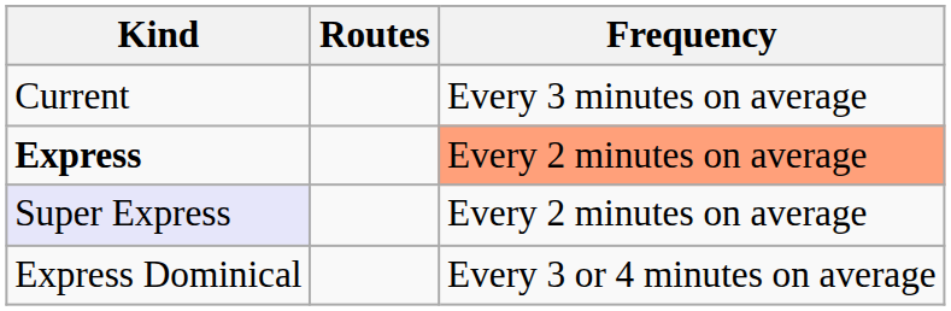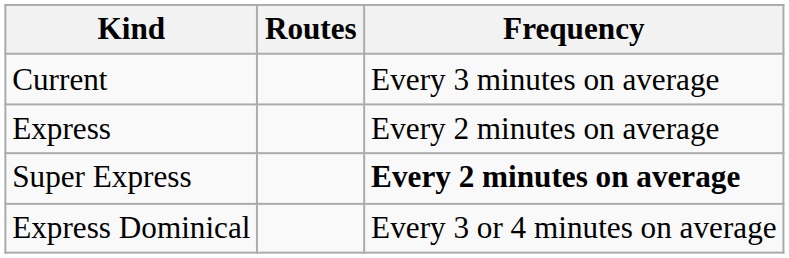 <table class="wikitable" style="margin-left: auto; margin-right: auto; border: none;">
 <tr>
 <th>Kind</th>
 <th>Routes</th>
 <th>Frequency</th>
 </tr>
 <tr>
 <td>Current</td>
 <td>  </td>
 <td>Every 3 minutes on average</td>
 </tr>
 <tr>
-<td><strong>Express</strong></td>
+<td>Express</td>
 <td> </td>
-<td style="background: lightsalmon;">Every 2 minutes on average</td>
+<td>Every 2 minutes on average</td>
 </tr>
 <tr>
-<td style="background: lavender;">Super Express</td>
+<td>Super Express</td>
 <td></td>
-<td>Every 2 minutes on average</td>
+<td><strong>Every 2 minutes on average</strong></td>
 </tr>
 <tr>
 <td>Express Dominical</td>
 <td></td>
 <td>Every 3 or 4 minutes on average</td>
 </tr>
 </table>
